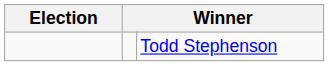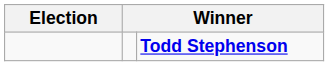 <table class=wikitable>
 <tr>
 <th width=100>Election</th>
 <th width=175 colspan=2>Winner</th>
 </tr>
 <tr>
 <td rowspan=2></td>
 <td width=5 bgcolor=></td>
-<td><a href='#'>Todd Stephenson</a></td>
+<td><strong><a href='#'>Todd Stephenson</a></strong></td>
 </tr>
 </table>
